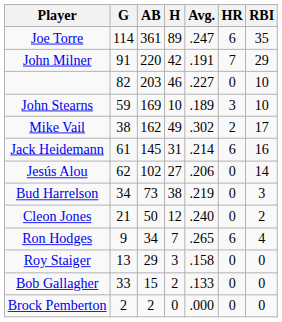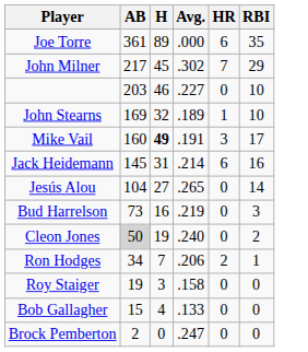 <table class="wikitable sortable">
 <tr>
 <th>Player</th>
-<th>G</th>
 <th>AB</th>
 <th>H</th>
 <th>Avg.</th>
 <th>HR</th>
 <th>RBI</th>
 </tr>
 <tr align="center">
 <td><a href='#'>Joe Torre</a></td>
-<td>114</td>
 <td>361</td>
 <td>89</td>
-<td>.247</td>
+<td>.000</td>
 <td>6</td>
 <td>35</td>
 </tr>
 <tr align="center">
 <td><a href='#'>John Milner</a></td>
-<td>91</td>
-<td>220</td>
-<td>42</td>
-<td>.191</td>
+<td>217</td>
+<td>45</td>
+<td>.302</td>
 <td>7</td>
 <td>29</td>
 </tr>
 <tr align="center">
 <td></td>
-<td>82</td>
 <td>203</td>
 <td>46</td>
 <td>.227</td>
 <td>0</td>
 <td>10</td>
 </tr>
 <tr align="center">
 <td><a href='#'>John Stearns</a></td>
-<td>59</td>
 <td>169</td>
-<td>10</td>
+<td>32</td>
 <td>.189</td>
-<td>3</td>
+<td>1</td>
 <td>10</td>
 </tr>
 <tr align="center">
 <td><a href='#'>Mike Vail</a></td>
-<td>38</td>
-<td>162</td>
-<td>49</td>
-<td>.302</td>
-<td>2</td>
+<td>160</td>
+<td><strong>49</strong></td>
+<td>.191</td>
+<td>3</td>
 <td>17</td>
 </tr>
 <tr align="center">
 <td><a href='#'>Jack Heidemann</a></td>
-<td>61</td>
 <td>145</td>
 <td>31</td>
 <td>.214</td>
 <td>6</td>
 <td>16</td>
 </tr>
 <tr align="center">
 <td><a href='#'>Jesús Alou</a></td>
-<td>62</td>
-<td>102</td>
+<td>104</td>
 <td>27</td>
-<td>.206</td>
+<td>.265</td>
 <td>0</td>
 <td>14</td>
 </tr>
 <tr align="center">
 <td><a href='#'>Bud Harrelson</a></td>
-<td>34</td>
 <td>73</td>
-<td>38</td>
+<td>16</td>
 <td>.219</td>
 <td>0</td>
 <td>3</td>
 </tr>
 <tr align="center">
 <td><a href='#'>Cleon Jones</a></td>
-<td>21</td>
-<td>50</td>
-<td>12</td>
+<td style="background: lightgrey;">50</td>
+<td>19</td>
 <td>.240</td>
 <td>0</td>
 <td>2</td>
 </tr>
 <tr align="center">
 <td><a href='#'>Ron Hodges</a></td>
-<td>9</td>
 <td>34</td>
 <td>7</td>
-<td>.265</td>
-<td>6</td>
-<td>4</td>
+<td>.206</td>
+<td>2</td>
+<td>1</td>
 </tr>
 <tr align="center">
 <td><a href='#'>Roy Staiger</a></td>
-<td>13</td>
-<td>29</td>
+<td>19</td>
 <td>3</td>
 <td>.158</td>
 <td>0</td>
 <td>0</td>
 </tr>
 <tr align="center">
 <td><a href='#'>Bob Gallagher</a></td>
-<td>33</td>
 <td>15</td>
-<td>2</td>
+<td>4</td>
 <td>.133</td>
 <td>0</td>
 <td>0</td>
 </tr>
 <tr align="center">
 <td><a href='#'>Brock Pemberton</a></td>
 <td>2</td>
-<td>2</td>
 <td>0</td>
-<td>.000</td>
+<td>.247</td>
 <td>0</td>
 <td>0</td>
 </tr>
 </table>
